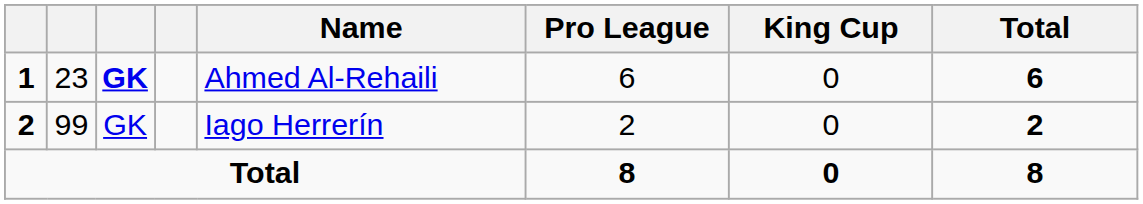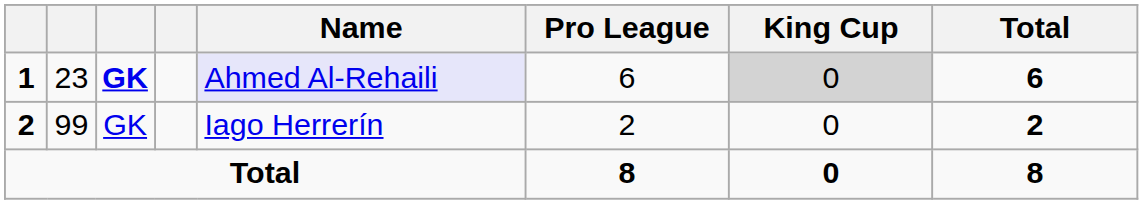 <table class="wikitable" style="text-align:center">
 <tr>
 <th width=15></th>
 <th width=15></th>
 <th width=15></th>
 <th width=15></th>
 <th width=165>Name</th>
 <th width=100>Pro League</th>
 <th width=100>King Cup</th>
 <th width=100>Total</th>
 </tr>
 <tr>
 <td><strong>1</strong></td>
 <td>23</td>
 <td><strong><a href='#'>GK</a></strong></td>
 <td></td>
-<td align=left><a href='#'>Ahmed Al-Rehaili</a></td>
+<td align=left style="background: lavender;"><a href='#'>Ahmed Al-Rehaili</a></td>
 <td>6</td>
-<td>0</td>
+<td style="background: lightgrey;">0</td>
 <td><strong>6</strong></td>
 </tr>
 <tr>
 <td><strong>2</strong></td>
 <td>99</td>
 <td><a href='#'>GK</a></td>
 <td></td>
 <td align=left><a href='#'>Iago Herrerín</a></td>
 <td>2</td>
 <td>0</td>
 <td><strong>2</strong></td>
 </tr>
 <tr>
 <td colspan=5><strong>Total</strong></td>
 <td><strong>8</strong></td>
 <td><strong>0</strong></td>
 <td><strong>8</strong></td>
 </tr>
 </table>
